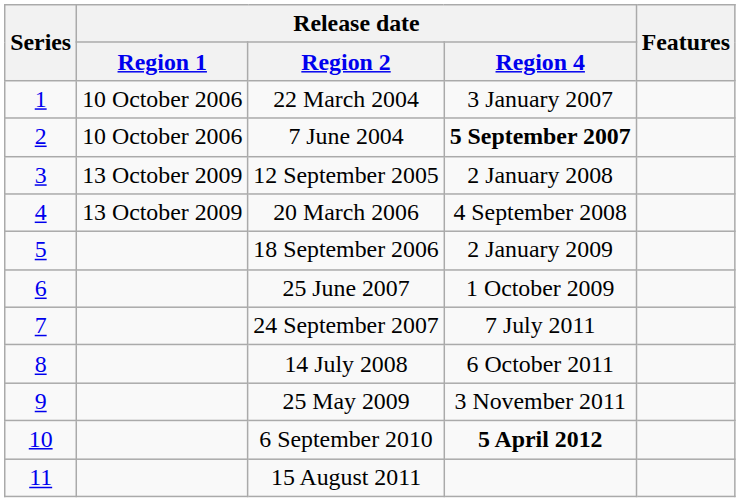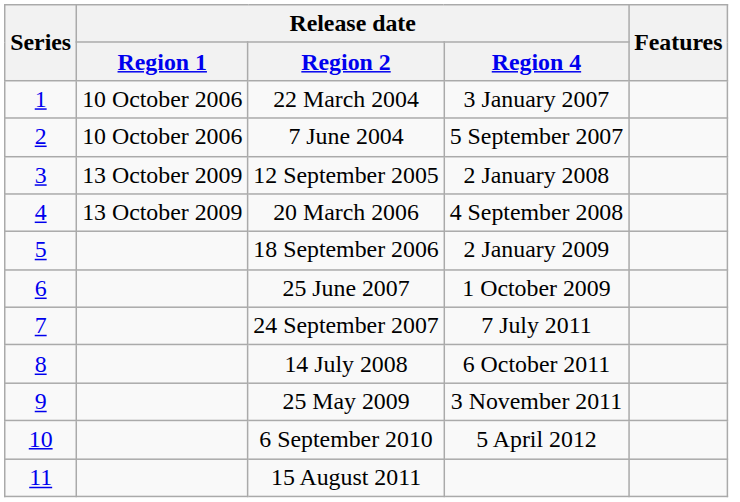 <table class="wikitable" style="text-align:center;">
 <tr>
 <th rowspan="2">Series</th>
 <th colspan="3">Release date</th>
 <th rowspan="2">Features</th>
 </tr>
 <tr>
 <th><a href='#'>Region 1</a></th>
 <th><a href='#'>Region 2</a></th>
 <th><a href='#'>Region 4</a></th>
 </tr>
 <tr>
 <td><a href='#'>1</a></td>
 <td>10 October 2006</td>
 <td>22 March 2004</td>
 <td>3 January 2007</td>
 <td><br></td>
 </tr>
 <tr>
 <td><a href='#'>2</a></td>
 <td>10 October 2006</td>
 <td>7 June 2004</td>
-<td><strong>5 September 2007</strong></td>
+<td>5 September 2007</td>
 <td><br></td>
 </tr>
 <tr>
 <td><a href='#'>3</a></td>
 <td>13 October 2009</td>
 <td>12 September 2005</td>
 <td>2 January 2008</td>
 <td><br></td>
 </tr>
 <tr>
 <td><a href='#'>4</a></td>
 <td>13 October 2009</td>
 <td>20 March 2006</td>
 <td>4 September 2008</td>
 <td><br></td>
 </tr>
 <tr>
 <td><a href='#'>5</a></td>
 <td></td>
 <td>18 September 2006</td>
 <td>2 January 2009</td>
 <td><br></td>
 </tr>
 <tr>
 <td><a href='#'>6</a></td>
 <td></td>
 <td>25 June 2007</td>
 <td>1 October 2009</td>
 <td><br></td>
 </tr>
 <tr>
 <td><a href='#'>7</a></td>
 <td></td>
 <td>24 September 2007</td>
 <td>7 July 2011</td>
 <td><br></td>
 </tr>
 <tr>
 <td><a href='#'>8</a></td>
 <td></td>
 <td>14 July 2008</td>
 <td>6 October 2011</td>
 <td><br></td>
 </tr>
 <tr>
 <td><a href='#'>9</a></td>
 <td></td>
 <td>25 May 2009</td>
 <td>3 November 2011</td>
 <td><br></td>
 </tr>
 <tr>
 <td><a href='#'>10</a></td>
 <td></td>
 <td>6 September 2010</td>
-<td><strong>5 April 2012 </strong></td>
+<td>5 April 2012 </td>
 <td><br></td>
 </tr>
 <tr>
 <td><a href='#'>11</a></td>
 <td></td>
 <td>15 August 2011</td>
 <td></td>
 <td><br></td>
 </tr>
 </table>
